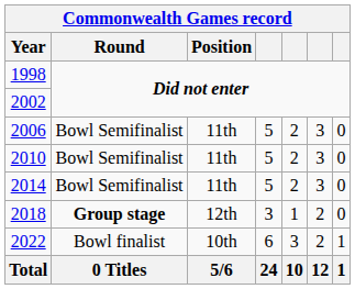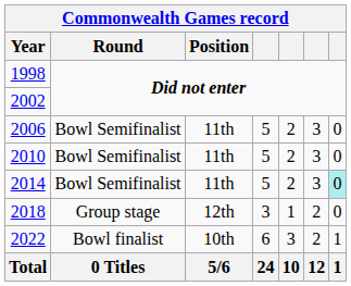 <table class="wikitable" style="text-align: center;">
 <tr>
 <th colspan=7><a href='#'>Commonwealth Games record</a></th>
 </tr>
 <tr>
 <th>Year</th>
 <th>Round</th>
 <th>Position</th>
 <th></th>
 <th></th>
 <th></th>
 <th></th>
 </tr>
 <tr>
 <td> <a href='#'>1998</a></td>
 <td colspan=6 rowspan=2><strong><em>Did not enter</em></strong></td>
 </tr>
 <tr>
 <td> <a href='#'>2002</a></td>
 </tr>
 <tr>
 <td> <a href='#'>2006</a></td>
 <td>Bowl Semifinalist</td>
 <td>11th</td>
 <td>5</td>
 <td>2</td>
 <td>3</td>
 <td>0</td>
 </tr>
 <tr>
 <td> <a href='#'>2010</a></td>
 <td>Bowl Semifinalist</td>
 <td>11th</td>
 <td>5</td>
 <td>2</td>
 <td>3</td>
 <td>0</td>
 </tr>
 <tr>
 <td> <a href='#'>2014</a></td>
 <td>Bowl Semifinalist</td>
 <td>11th</td>
 <td>5</td>
 <td>2</td>
 <td>3</td>
-<td>0</td>
+<td style="background: paleturquoise;">0</td>
 </tr>
 <tr>
 <td> <a href='#'>2018</a></td>
-<td><strong>Group stage</strong></td>
+<td>Group stage</td>
 <td>12th</td>
 <td>3</td>
 <td>1</td>
 <td>2</td>
 <td>0</td>
 </tr>
 <tr>
 <td> <a href='#'>2022</a></td>
 <td>Bowl finalist</td>
 <td>10th</td>
 <td>6</td>
 <td>3</td>
 <td>2</td>
 <td>1</td>
 </tr>
 <tr>
 <th>Total</th>
 <th>0 Titles</th>
 <th>5/6</th>
 <th>24</th>
 <th>10</th>
 <th>12</th>
 <th>1</th>
 </tr>
 </table>
